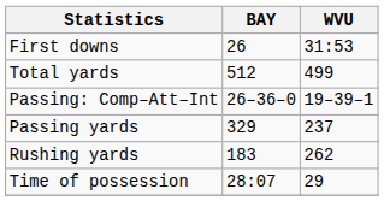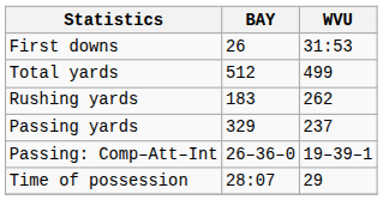 <table class="wikitable" style="float: left;">
 <tr>
 <th>Statistics</th>
 <th>BAY</th>
 <th>WVU</th>
 </tr>
 <tr>
 <td>First downs</td>
 <td>26</td>
 <td>31:53</td>
 </tr>
 <tr>
 <td>Total yards</td>
 <td>512</td>
 <td>499</td>
 </tr>
 <tr>
-<td>Passing: Comp–Att–Int</td>
-<td>26–36–0</td>
-<td>19–39–1</td>
+<td>Rushing yards</td>
+<td>183</td>
+<td>262</td>
 </tr>
 <tr>
 <td>Passing yards</td>
 <td>329</td>
 <td>237</td>
 </tr>
 <tr>
-<td>Rushing yards</td>
-<td>183</td>
-<td>262</td>
+<td>Passing: Comp–Att–Int</td>
+<td>26–36–0</td>
+<td>19–39–1</td>
 </tr>
 <tr>
 <td>Time of possession</td>
 <td>28:07</td>
 <td>29</td>
 </tr>
 <tr>
 </tr>
 </table>
